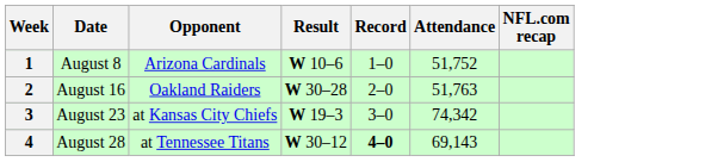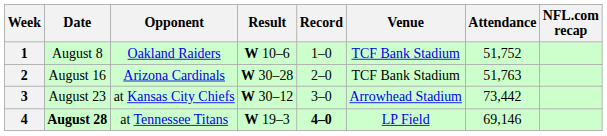 <table class="wikitable" style="text-align:center">
 <tr>
 <th>Week</th>
 <th>Date</th>
 <th>Opponent</th>
 <th>Result</th>
 <th>Record</th>
+<th>Venue</th>
 <th>Attendance</th>
 <th>NFL.com<br>recap</th>
 </tr>
 <tr style="background:#cfc">
 <th>1</th>
 <td>August 8</td>
-<td><a href='#'>Arizona Cardinals</a></td>
+<td><a href='#'>Oakland Raiders</a></td>
 <td><strong>W</strong> 10–6</td>
 <td>1–0</td>
+<td><a href='#'>TCF Bank Stadium</a></td>
 <td>51,752</td>
 <td></td>
 </tr>
 <tr style="background:#cfc">
 <th>2</th>
 <td>August 16</td>
-<td><a href='#'>Oakland Raiders</a></td>
+<td><a href='#'>Arizona Cardinals</a></td>
 <td><strong>W</strong> 30–28</td>
 <td>2–0</td>
+<td>TCF Bank Stadium</td>
 <td>51,763</td>
 <td></td>
 </tr>
 <tr style="background:#cfc">
 <th>3</th>
 <td>August 23</td>
 <td>at <a href='#'>Kansas City Chiefs</a></td>
-<td><strong>W</strong> 19–3</td>
+<td><strong>W</strong> 30–12</td>
 <td>3–0</td>
-<td>74,342</td>
+<td><a href='#'>Arrowhead Stadium</a></td>
+<td>73,442</td>
 <td></td>
 </tr>
 <tr style="background:#cfc">
 <th>4</th>
-<td>August 28</td>
+<td><strong>August 28</strong></td>
 <td>at <a href='#'>Tennessee Titans</a></td>
-<td><strong>W</strong> 30–12</td>
+<td><strong>W</strong> 19–3</td>
 <td><strong>4–0</strong></td>
-<td>69,143</td>
+<td><a href='#'>LP Field</a></td>
+<td>69,146</td>
 <td></td>
 </tr>
 </table>
